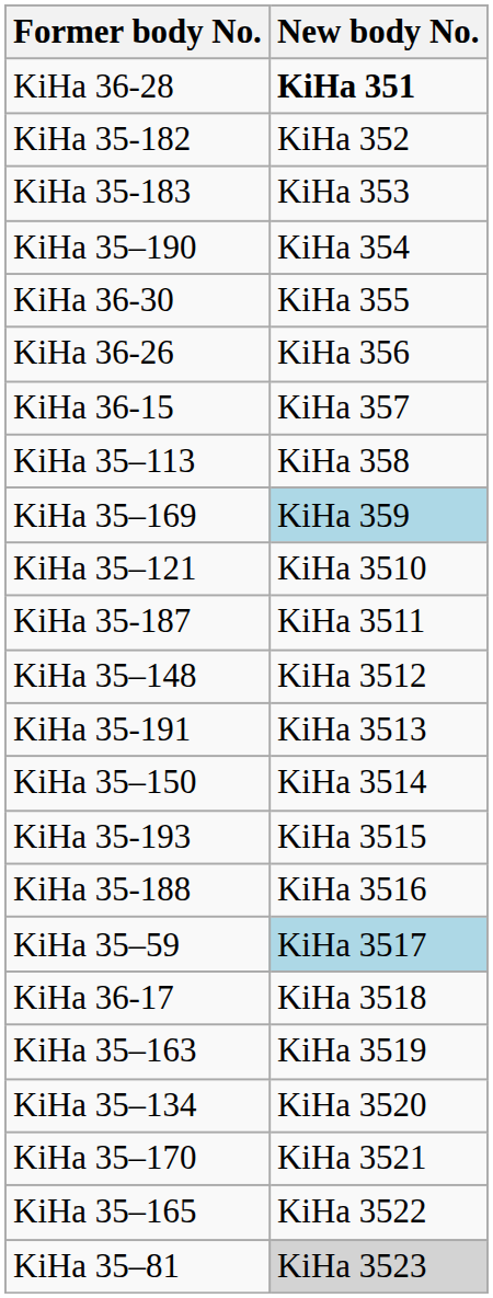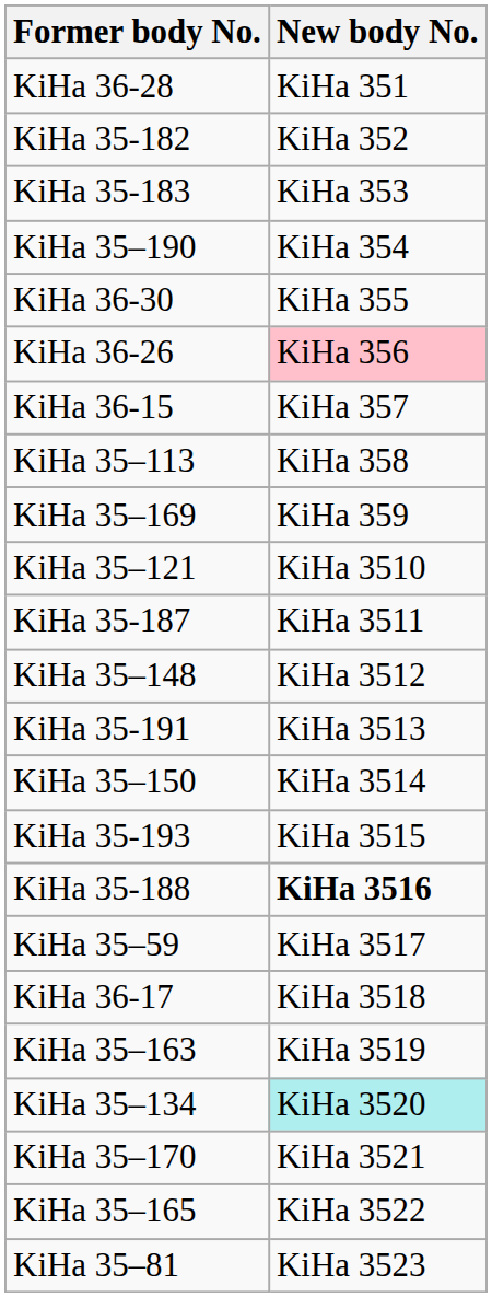 <table class="wikitable">
 <tr>
 <th>Former body No.</th>
 <th>New body No.</th>
 </tr>
 <tr>
 <td>KiHa 36-28</td>
-<td><strong>KiHa 351</strong></td>
+<td>KiHa 351</td>
 </tr>
 <tr>
 <td>KiHa 35-182</td>
 <td>KiHa 352</td>
 </tr>
 <tr>
 <td>KiHa 35-183</td>
 <td>KiHa 353</td>
 </tr>
 <tr>
 <td>KiHa 35–190</td>
 <td>KiHa 354</td>
 </tr>
 <tr>
 <td>KiHa 36-30</td>
 <td>KiHa 355</td>
 </tr>
 <tr>
 <td>KiHa 36-26</td>
-<td>KiHa 356</td>
+<td style="background: pink;">KiHa 356</td>
 </tr>
 <tr>
 <td>KiHa 36-15</td>
 <td>KiHa 357</td>
 </tr>
 <tr>
 <td>KiHa 35–113</td>
 <td>KiHa 358</td>
 </tr>
 <tr>
 <td>KiHa 35–169</td>
-<td style="background: lightblue;">KiHa 359</td>
+<td>KiHa 359</td>
 </tr>
 <tr>
 <td>KiHa 35–121</td>
 <td>KiHa 3510</td>
 </tr>
 <tr>
 <td>KiHa 35-187</td>
 <td>KiHa 3511</td>
 </tr>
 <tr>
 <td>KiHa 35–148</td>
 <td>KiHa 3512</td>
 </tr>
 <tr>
 <td>KiHa 35-191</td>
 <td>KiHa 3513</td>
 </tr>
 <tr>
 <td>KiHa 35–150</td>
 <td>KiHa 3514</td>
 </tr>
 <tr>
 <td>KiHa 35-193</td>
 <td>KiHa 3515</td>
 </tr>
 <tr>
 <td>KiHa 35-188</td>
-<td>KiHa 3516</td>
+<td><strong>KiHa 3516</strong></td>
 </tr>
 <tr>
 <td>KiHa 35–59</td>
-<td style="background: lightblue;">KiHa 3517</td>
+<td>KiHa 3517</td>
 </tr>
 <tr>
 <td>KiHa 36-17</td>
 <td>KiHa 3518</td>
 </tr>
 <tr>
 <td>KiHa 35–163</td>
 <td>KiHa 3519</td>
 </tr>
 <tr>
 <td>KiHa 35–134</td>
-<td>KiHa 3520</td>
+<td style="background: paleturquoise;">KiHa 3520</td>
 </tr>
 <tr>
 <td>KiHa 35–170</td>
 <td>KiHa 3521</td>
 </tr>
 <tr>
 <td>KiHa 35–165</td>
 <td>KiHa 3522</td>
 </tr>
 <tr>
 <td>KiHa 35–81</td>
-<td style="background: lightgrey;">KiHa 3523</td>
+<td>KiHa 3523</td>
 </tr>
 </table>
